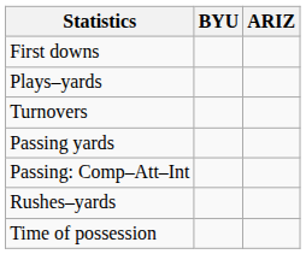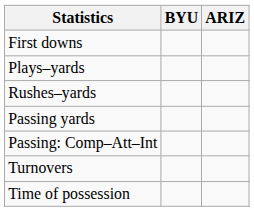 <table class="wikitable" style="float:left">
 <tr>
 <th>Statistics</th>
 <th>BYU</th>
 <th>ARIZ</th>
 </tr>
 <tr>
 <td>First downs</td>
 <td></td>
 <td></td>
 </tr>
 <tr>
 <td>Plays–yards</td>
 <td></td>
 <td></td>
 </tr>
 <tr>
-<td>Turnovers</td>
+<td>Rushes–yards</td>
 <td></td>
 <td></td>
 </tr>
 <tr>
 <td>Passing yards</td>
 <td></td>
 <td></td>
 </tr>
 <tr>
 <td>Passing: Comp–Att–Int</td>
 <td></td>
 <td></td>
 </tr>
 <tr>
-<td>Rushes–yards</td>
+<td>Turnovers</td>
 <td></td>
 <td></td>
 </tr>
 <tr>
 <td>Time of possession</td>
 <td></td>
 <td></td>
 </tr>
 </table>
